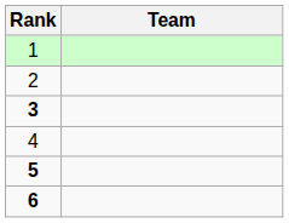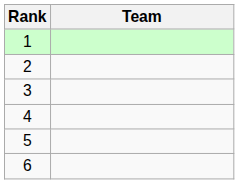 <table class=wikitable style="text-align:center;">
 <tr>
 <th>Rank</th>
 <th width=180>Team</th>
 </tr>
 <tr bgcolor=#ccffcc>
 <td>1</td>
 <td align=left></td>
 </tr>
 <tr>
 <td>2</td>
 <td align=left></td>
 </tr>
 <tr>
-<td><strong>3</strong></td>
+<td>3</td>
 <td align=left></td>
 </tr>
 <tr>
 <td>4</td>
 <td align=left></td>
 </tr>
 <tr>
-<td><strong>5</strong></td>
+<td>5</td>
 <td align=left></td>
 </tr>
 <tr>
-<td><strong>6</strong></td>
+<td>6</td>
 <td align=left></td>
 </tr>
 </table>
